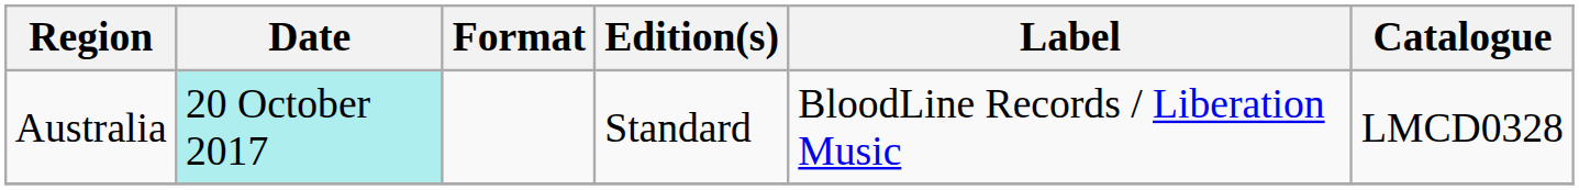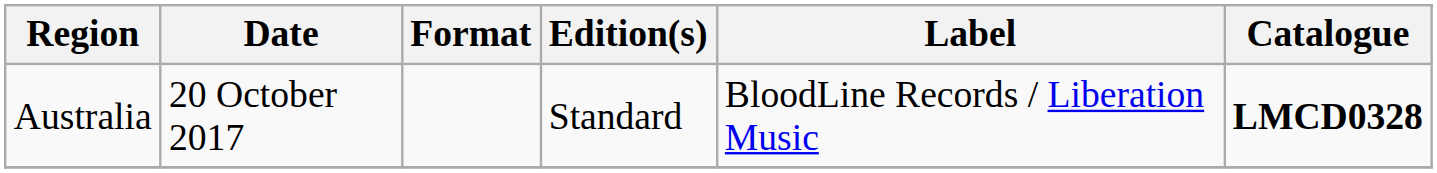 <table class="wikitable plainrowheaders">
 <tr>
 <th scope="col">Region</th>
 <th scope="col">Date</th>
 <th scope="col">Format</th>
 <th scope="col">Edition(s)</th>
 <th scope="col">Label</th>
 <th scope="col">Catalogue</th>
 </tr>
 <tr>
 <td>Australia</td>
-<td style="background: paleturquoise;">20 October 2017 </td>
+<td>20 October 2017 </td>
 <td></td>
 <td>Standard</td>
 <td>BloodLine Records / <a href='#'>Liberation Music</a></td>
-<td>LMCD0328</td>
+<td><strong>LMCD0328</strong></td>
 </tr>
 <tr>
 </tr>
 </table>
